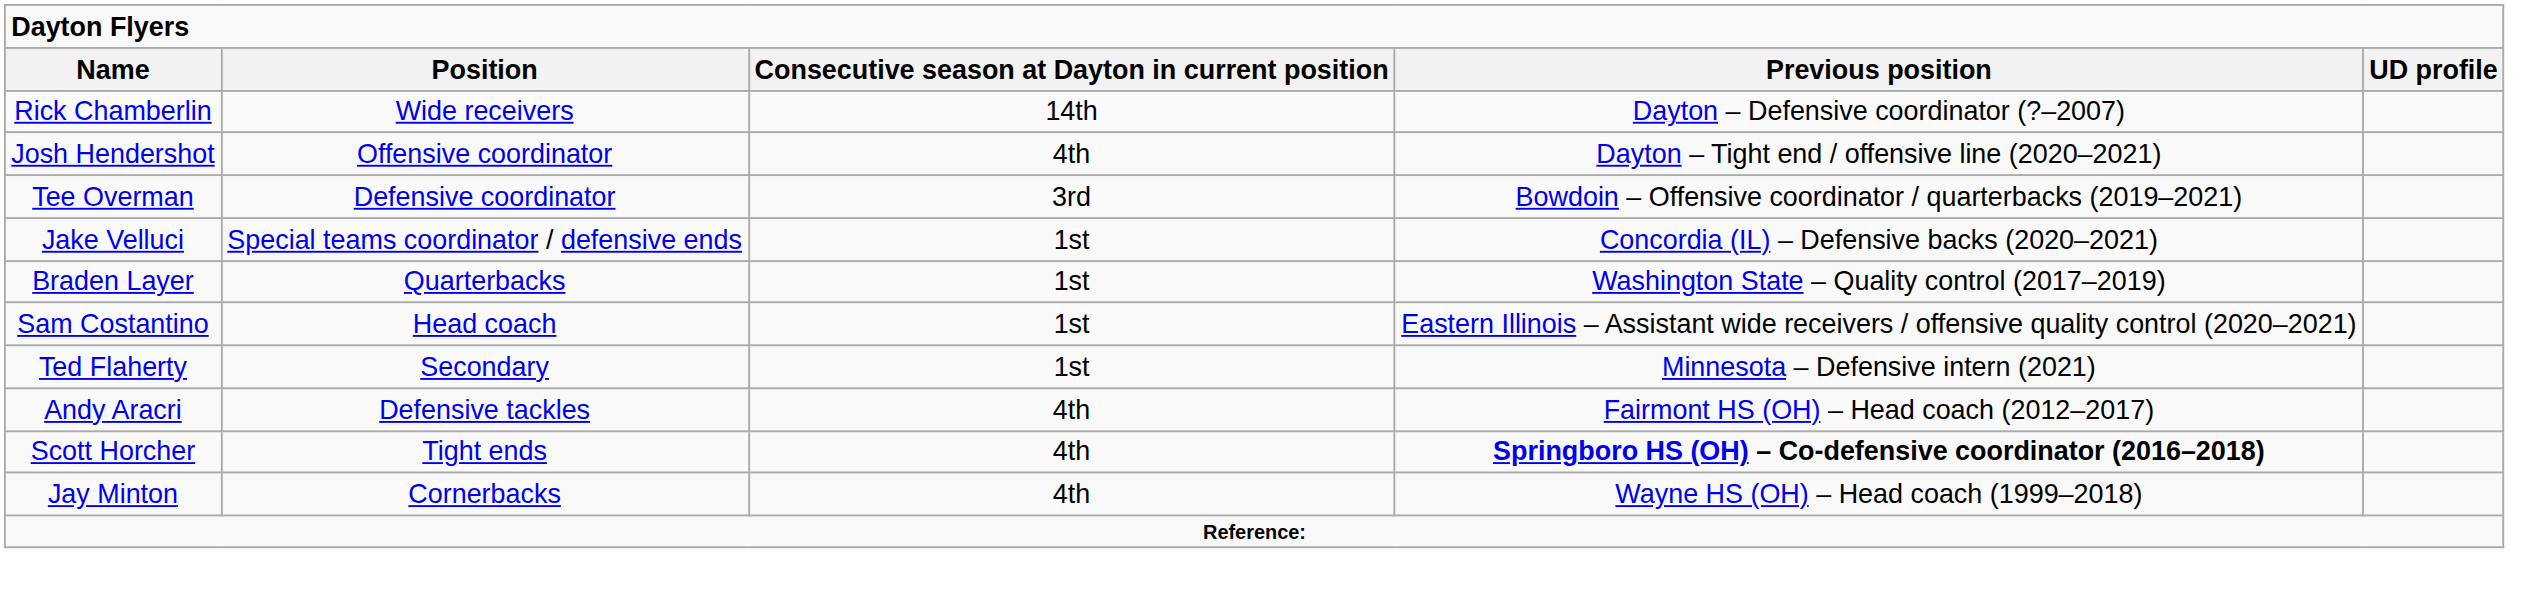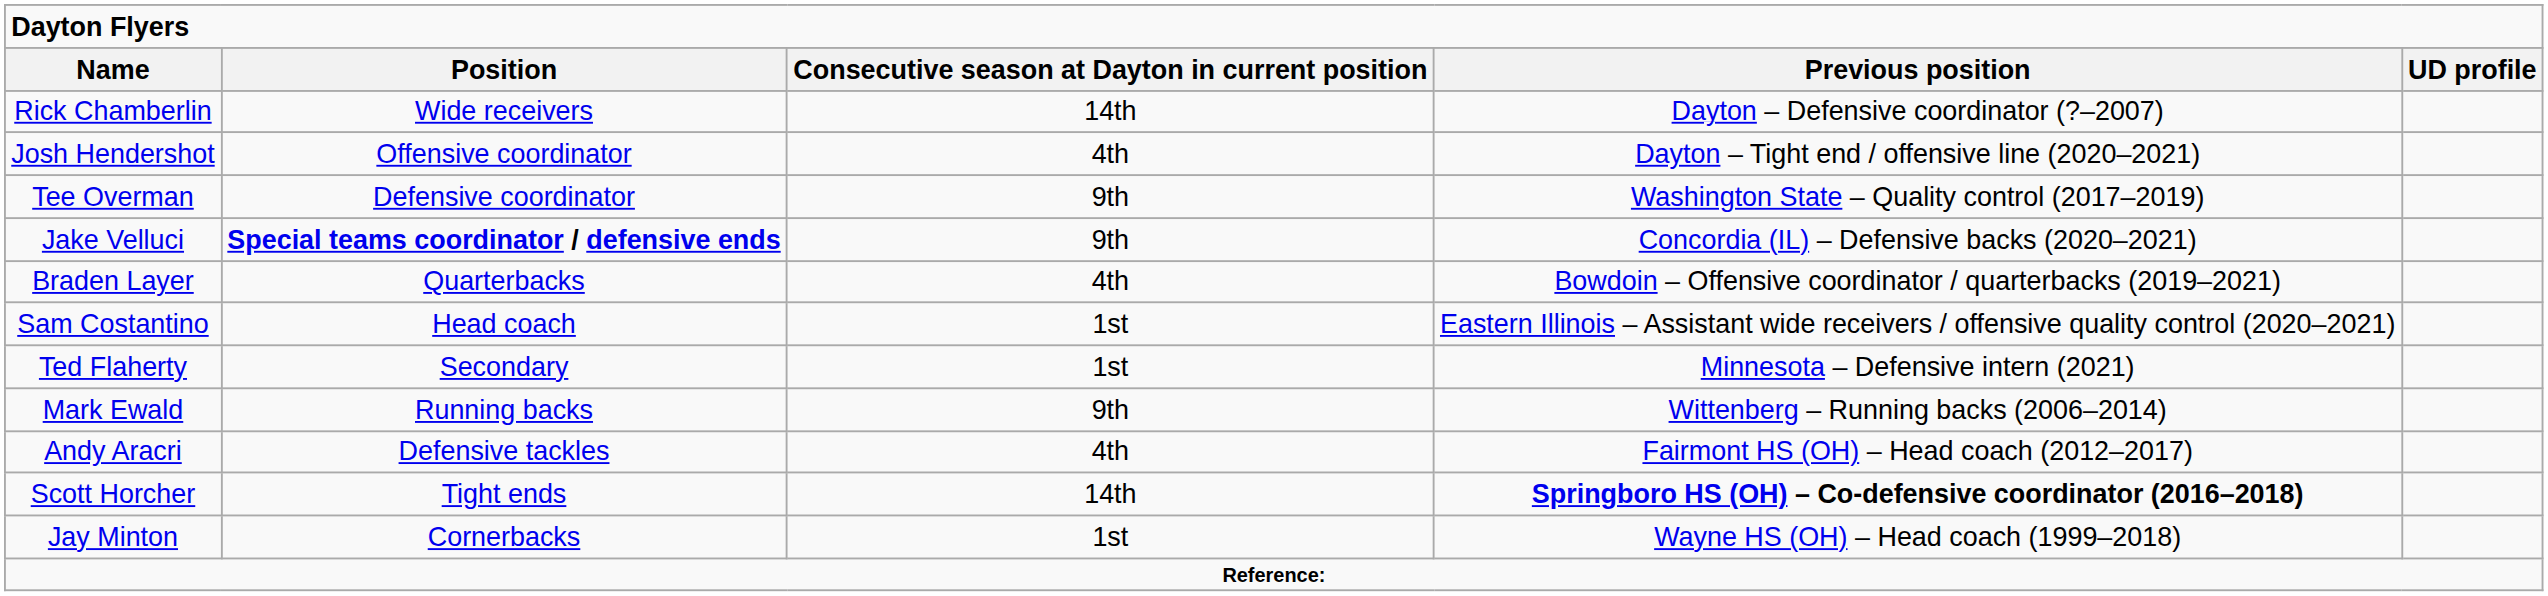 <table class="wikitable" style="font-size:90%;">
 <tr>
 <td colspan=5><strong>Dayton Flyers</strong></td>
 </tr>
 <tr align="center">
 <th>Name</th>
 <th>Position</th>
 <th>Consecutive season at Dayton in current position</th>
 <th>Previous position</th>
 <th>UD profile</th>
 </tr>
 <tr align="center">
 <td><a href='#'>Rick Chamberlin</a></td>
 <td><a href='#'>Wide receivers</a></td>
 <td>14th</td>
 <td><a href='#'>Dayton</a> – Defensive coordinator (?–2007)</td>
 <td></td>
 </tr>
 <tr align="center">
 <td><a href='#'>Josh Hendershot</a></td>
 <td><a href='#'>Offensive coordinator</a></td>
 <td>4th</td>
 <td><a href='#'>Dayton</a> – Tight end / offensive line (2020–2021)</td>
 <td></td>
 </tr>
 <tr align="center">
 <td><a href='#'>Tee Overman</a></td>
 <td><a href='#'>Defensive coordinator</a></td>
-<td>3rd</td>
-<td><a href='#'>Bowdoin</a> – Offensive coordinator / quarterbacks (2019–2021)</td>
+<td>9th</td>
+<td><a href='#'>Washington State</a> – Quality control (2017–2019)</td>
 <td></td>
 </tr>
 <tr align="center">
 <td><a href='#'>Jake Velluci</a></td>
-<td><a href='#'>Special teams coordinator</a> / <a href='#'>defensive ends</a></td>
-<td>1st</td>
+<td><strong><a href='#'>Special teams coordinator</a> / <a href='#'>defensive ends</a></strong></td>
+<td>9th</td>
 <td><a href='#'>Concordia (IL)</a> – Defensive backs (2020–2021)</td>
 <td></td>
 </tr>
 <tr align="center">
 <td><a href='#'>Braden Layer</a></td>
 <td><a href='#'>Quarterbacks</a></td>
-<td>1st</td>
-<td><a href='#'>Washington State</a> – Quality control (2017–2019)</td>
+<td>4th</td>
+<td><a href='#'>Bowdoin</a> – Offensive coordinator / quarterbacks (2019–2021)</td>
 <td></td>
 </tr>
 <tr align="center">
 <td><a href='#'>Sam Costantino</a></td>
 <td><a href='#'>Head coach</a></td>
 <td>1st</td>
 <td><a href='#'>Eastern Illinois</a> – Assistant wide receivers / offensive quality control (2020–2021)</td>
 <td></td>
 </tr>
 <tr align="center">
 <td><a href='#'>Ted Flaherty</a></td>
 <td><a href='#'>Secondary</a></td>
 <td>1st</td>
 <td><a href='#'>Minnesota</a> – Defensive intern (2021)</td>
 <td></td>
 </tr>
 <tr align="center">
+<td><a href='#'>Mark Ewald</a></td>
+<td><a href='#'>Running backs</a></td>
+<td>9th</td>
+<td><a href='#'>Wittenberg</a> – Running backs (2006–2014)</td>
+<td></td>
+</tr>
+<tr align="center">
 <td><a href='#'>Andy Aracri</a></td>
 <td><a href='#'>Defensive tackles</a></td>
 <td>4th</td>
 <td><a href='#'>Fairmont HS (OH)</a> – Head coach (2012–2017)</td>
 <td></td>
 </tr>
 <tr align="center">
 <td><a href='#'>Scott Horcher</a></td>
 <td><a href='#'>Tight ends</a></td>
-<td>4th</td>
+<td>14th</td>
 <td><strong><a href='#'>Springboro HS (OH)</a> – Co-defensive coordinator (2016–2018)</strong></td>
 <td></td>
 </tr>
 <tr align="center">
 <td><a href='#'>Jay Minton</a></td>
 <td><a href='#'>Cornerbacks</a></td>
-<td>4th</td>
+<td>1st</td>
 <td><a href='#'>Wayne HS (OH)</a> – Head coach (1999–2018)</td>
 <td></td>
 </tr>
 <tr>
 <td colspan="5" style="font-size:8pt; text-align:center;"><strong>Reference:</strong></td>
 </tr>
 </table>
